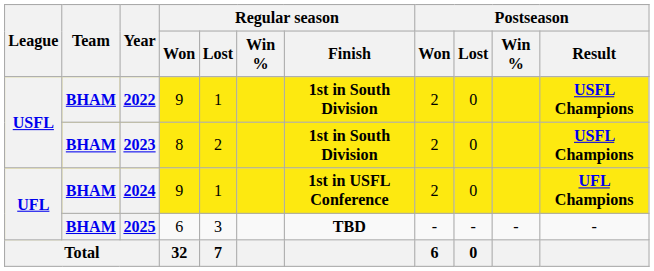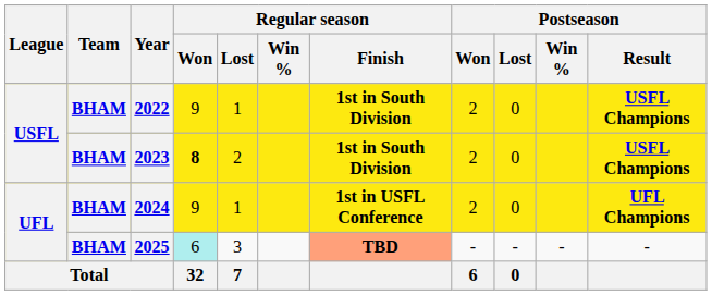 <table class="wikitable" style="font-size: 95%; text-align:center;">
 <tr>
 <th rowspan="2">League</th>
 <th rowspan="2">Team</th>
 <th rowspan="2">Year</th>
 <th colspan="4">Regular season</th>
 <th colspan="4">Postseason</th>
 </tr>
 <tr>
 <th>Won</th>
 <th>Lost</th>
 <th>Win %</th>
 <th>Finish</th>
 <th>Won</th>
 <th>Lost</th>
 <th>Win %</th>
 <th>Result</th>
 </tr>
 <tr ! style="background:#FDE910;">
 <th rowspan="2"><a href='#'>USFL</a></th>
 <th><a href='#'>BHAM</a></th>
 <th><a href='#'>2022</a></th>
 <td>9</td>
 <td>1</td>
 <td></td>
 <td><strong>1st in South Division</strong></td>
 <td>2</td>
 <td>0</td>
 <td></td>
 <td><strong><a href='#'>USFL</a> Champions</strong></td>
 </tr>
 <tr ! style="background:#FDE910;">
 <th><a href='#'>BHAM</a></th>
 <th><a href='#'>2023</a></th>
-<td>8</td>
+<td><strong>8</strong></td>
 <td>2</td>
 <td></td>
 <td><strong>1st in South Division</strong></td>
 <td>2</td>
 <td>0</td>
 <td></td>
 <td><strong><a href='#'>USFL</a> Champions</strong></td>
 </tr>
 <tr ! style="background:#FDE910;">
 <th rowspan="2"><a href='#'>UFL</a></th>
 <th><a href='#'>BHAM</a></th>
 <th><a href='#'>2024</a></th>
 <td>9</td>
 <td>1</td>
 <td></td>
 <td><strong>1st in USFL Conference</strong></td>
 <td>2</td>
 <td>0</td>
 <td></td>
 <td><strong><a href='#'>UFL</a> Champions</strong></td>
 </tr>
 <tr>
 <th><a href='#'>BHAM</a></th>
 <th><a href='#'>2025</a></th>
-<td>6</td>
+<td style="background: paleturquoise;">6</td>
 <td>3</td>
 <td></td>
-<td><strong>TBD</strong></td>
+<td style="background: lightsalmon;"><strong>TBD</strong></td>
 <td>-</td>
 <td>-</td>
 <td>-</td>
 <td>-</td>
 </tr>
 <tr>
 <th colspan="3">Total</th>
 <th>32</th>
 <th>7</th>
 <th></th>
 <th></th>
 <th>6</th>
 <th>0</th>
 <th></th>
 <th></th>
 </tr>
 </table>
